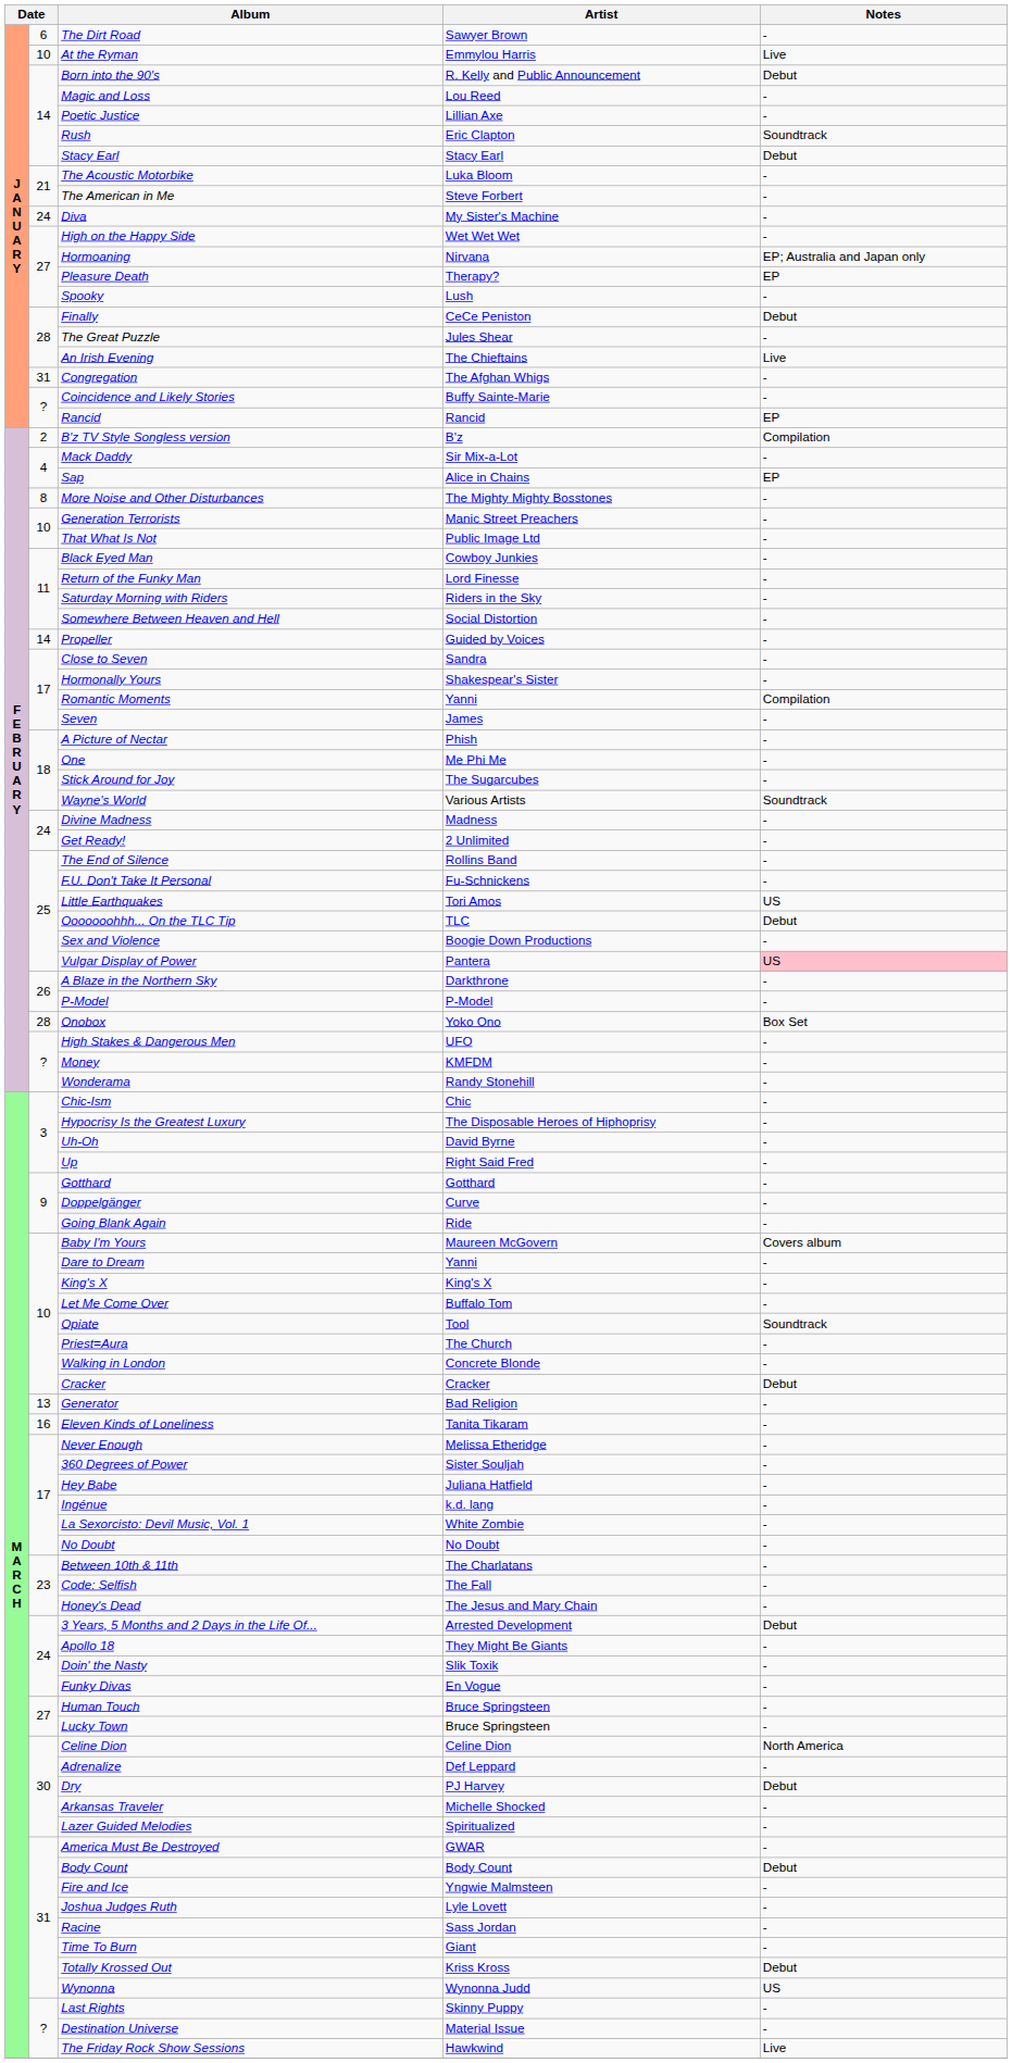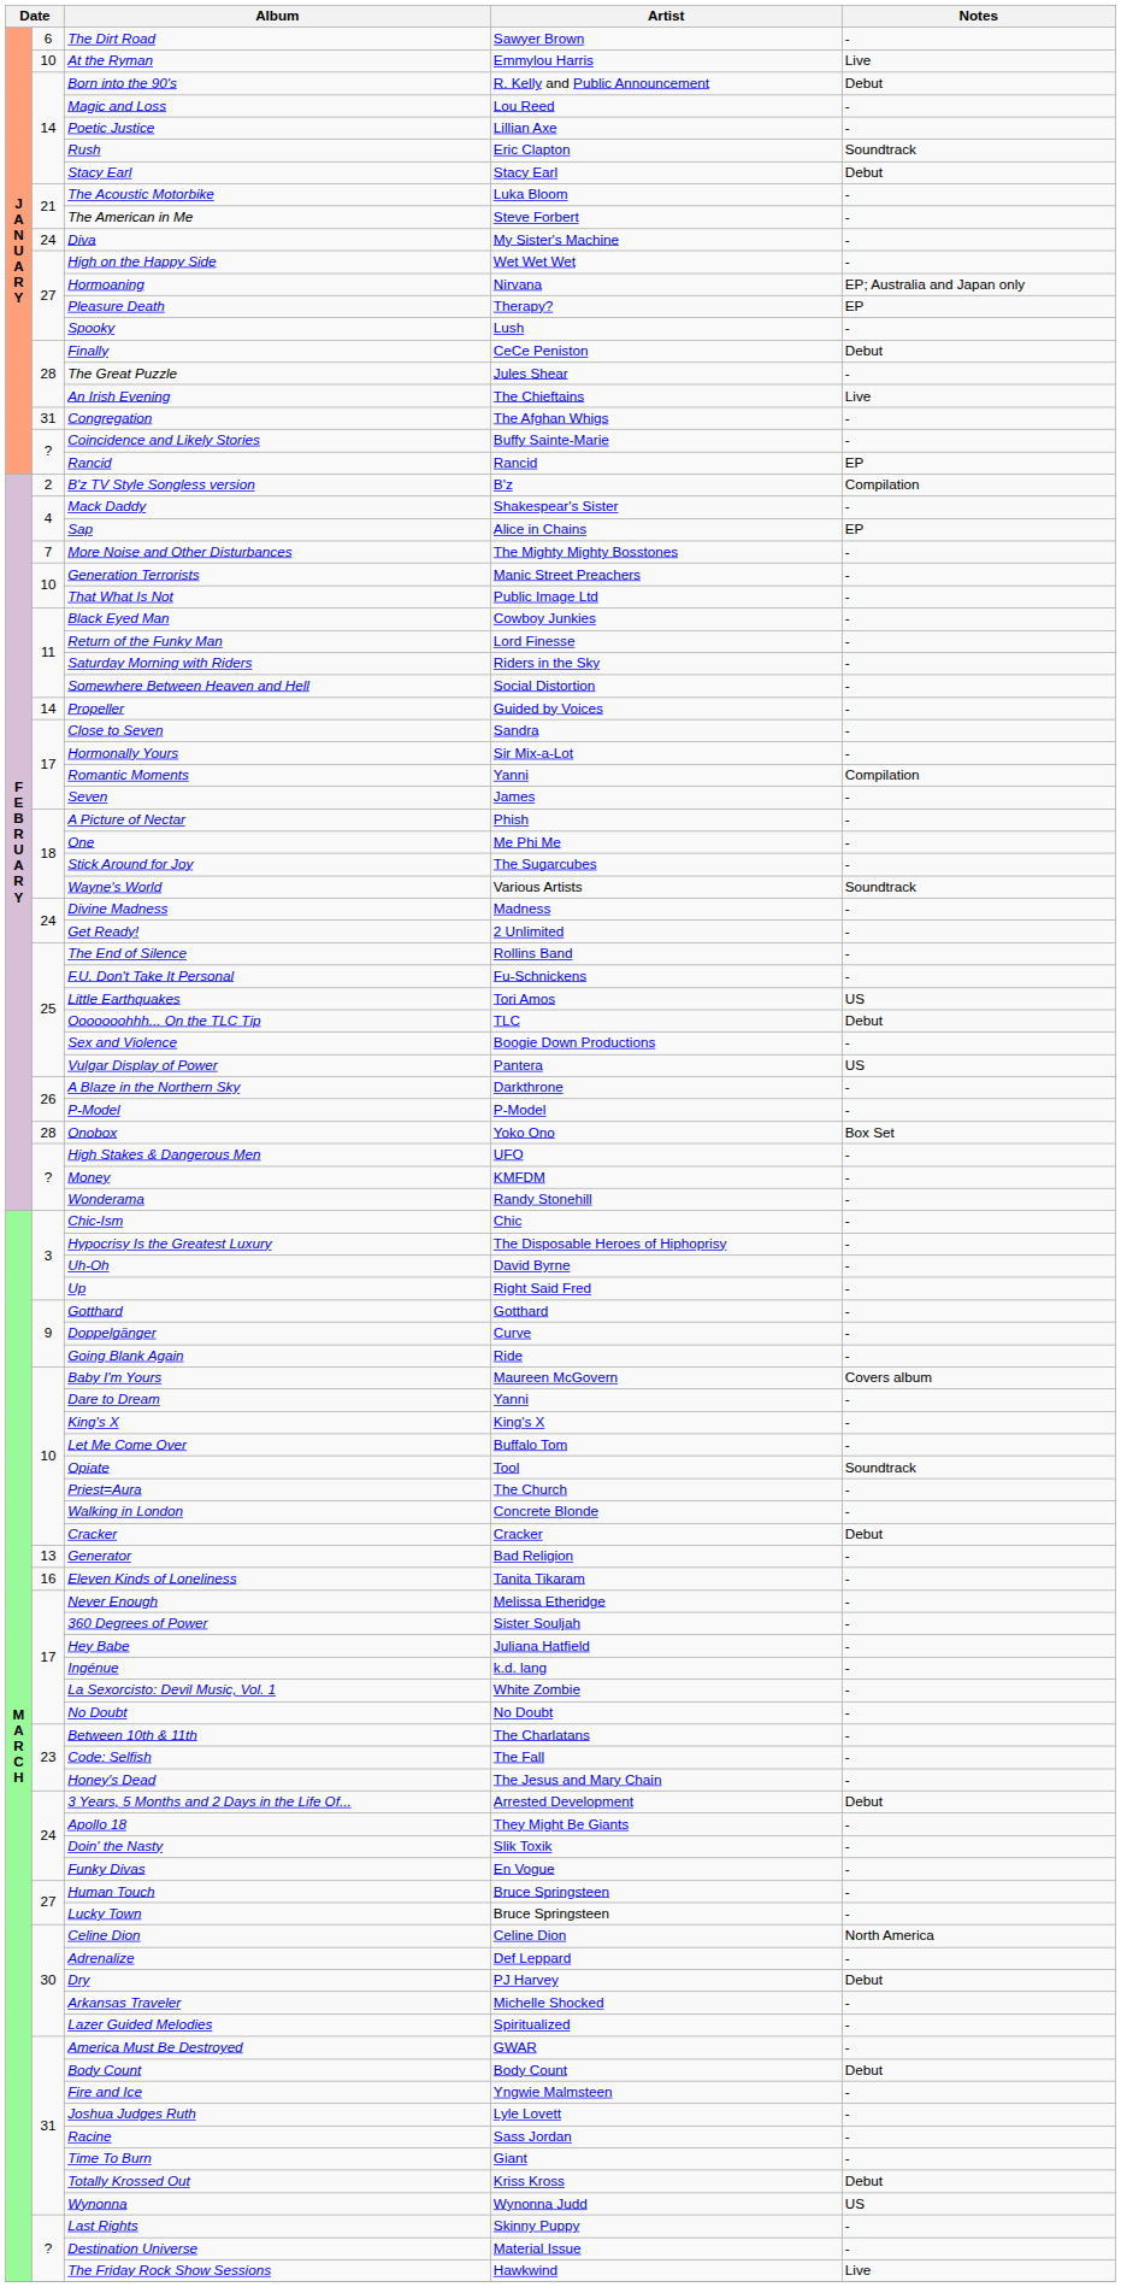 <table class="wikitable" width="100%">
 <tr>
 <th colspan="2">Date</th>
 <th>Album</th>
 <th>Artist</th>
 <th>Notes</th>
 </tr>
 <tr>
 <td rowspan="20" valign="center" align="center" style="background:#FFA07A; textcolor:#000;"><strong>J<br>A<br>N<br>U<br>A<br>R<br>Y</strong></td>
 <td align="center">6</td>
 <td><em><a href='#'>The Dirt Road</a></em></td>
 <td><a href='#'>Sawyer Brown</a></td>
 <td>-</td>
 </tr>
 <tr>
 <td align="center">10</td>
 <td><em><a href='#'>At the Ryman</a></em></td>
 <td><a href='#'>Emmylou Harris</a></td>
 <td>Live</td>
 </tr>
 <tr>
 <td rowspan="5" align="center">14</td>
 <td><em><a href='#'>Born into the 90's</a></em></td>
 <td><a href='#'>R. Kelly</a> and <a href='#'>Public Announcement</a></td>
 <td>Debut</td>
 </tr>
 <tr>
 <td><em><a href='#'>Magic and Loss</a></em></td>
 <td><a href='#'>Lou Reed</a></td>
 <td>-</td>
 </tr>
 <tr>
 <td><em><a href='#'>Poetic Justice</a></em></td>
 <td><a href='#'>Lillian Axe</a></td>
 <td>-</td>
 </tr>
 <tr>
 <td><em><a href='#'>Rush</a></em></td>
 <td><a href='#'>Eric Clapton</a></td>
 <td>Soundtrack</td>
 </tr>
 <tr>
 <td><em><a href='#'>Stacy Earl</a></em></td>
 <td><a href='#'>Stacy Earl</a></td>
 <td>Debut</td>
 </tr>
 <tr>
 <td rowspan="2" align="center">21</td>
 <td><em><a href='#'>The Acoustic Motorbike</a></em></td>
 <td><a href='#'>Luka Bloom</a></td>
 <td>-</td>
 </tr>
 <tr>
 <td><em>The American in Me</em></td>
 <td><a href='#'>Steve Forbert</a></td>
 <td>-</td>
 </tr>
 <tr>
 <td align="center">24</td>
 <td><em><a href='#'>Diva</a></em></td>
 <td><a href='#'>My Sister's Machine</a></td>
 <td>-</td>
 </tr>
 <tr>
 <td rowspan="4" align="center">27</td>
 <td><em><a href='#'>High on the Happy Side</a></em></td>
 <td><a href='#'>Wet Wet Wet</a></td>
 <td>-</td>
 </tr>
 <tr>
 <td><em><a href='#'>Hormoaning</a></em></td>
 <td><a href='#'>Nirvana</a></td>
 <td>EP; Australia and Japan only</td>
 </tr>
 <tr>
 <td><em><a href='#'>Pleasure Death</a></em></td>
 <td><a href='#'>Therapy?</a></td>
 <td>EP</td>
 </tr>
 <tr>
 <td><em><a href='#'>Spooky</a></em></td>
 <td><a href='#'>Lush</a></td>
 <td>-</td>
 </tr>
 <tr>
 <td rowspan="3" align="center">28</td>
 <td><em><a href='#'>Finally</a></em></td>
 <td><a href='#'>CeCe Peniston</a></td>
 <td>Debut</td>
 </tr>
 <tr>
 <td><em>The Great Puzzle</em></td>
 <td><a href='#'>Jules Shear</a></td>
 <td>-</td>
 </tr>
 <tr>
 <td><em><a href='#'>An Irish Evening</a></em></td>
 <td><a href='#'>The Chieftains</a></td>
 <td>Live</td>
 </tr>
 <tr>
 <td align="center">31</td>
 <td><em><a href='#'>Congregation</a></em></td>
 <td><a href='#'>The Afghan Whigs</a></td>
 <td>-</td>
 </tr>
 <tr>
 <td rowspan="2" align="center">?</td>
 <td><em><a href='#'>Coincidence and Likely Stories</a></em></td>
 <td><a href='#'>Buffy Sainte-Marie</a></td>
 <td>-</td>
 </tr>
 <tr>
 <td><em><a href='#'>Rancid</a></em></td>
 <td><a href='#'>Rancid</a></td>
 <td>EP</td>
 </tr>
 <tr>
 <td rowspan="33" valign="center" align="center" style="background:#D8BFD8; textcolor:#000;"><strong>F<br>E<br>B<br>R<br>U<br>A<br>R<br>Y</strong></td>
 <td style="text-align:center;">2</td>
 <td><em><a href='#'>B'z TV Style Songless version</a></em></td>
 <td><a href='#'>B'z</a></td>
 <td>Compilation</td>
 </tr>
 <tr>
 <td rowspan="2" align="center">4</td>
 <td><em><a href='#'>Mack Daddy</a></em></td>
-<td><a href='#'>Sir Mix-a-Lot</a></td>
+<td><a href='#'>Shakespear's Sister</a></td>
 <td>-</td>
 </tr>
 <tr>
 <td><em><a href='#'>Sap</a></em></td>
 <td><a href='#'>Alice in Chains</a></td>
 <td>EP</td>
 </tr>
 <tr>
-<td align="center">8</td>
+<td align="center">7</td>
 <td><em><a href='#'>More Noise and Other Disturbances</a></em></td>
 <td><a href='#'>The Mighty Mighty Bosstones</a></td>
 <td>-</td>
 </tr>
 <tr>
 <td rowspan="2" align="center">10</td>
 <td><em><a href='#'>Generation Terrorists</a></em></td>
 <td><a href='#'>Manic Street Preachers</a></td>
 <td>-</td>
 </tr>
 <tr>
 <td><em><a href='#'>That What Is Not</a></em></td>
 <td><a href='#'>Public Image Ltd</a></td>
 <td>-</td>
 </tr>
 <tr>
 <td rowspan="4" align="center">11</td>
 <td><em><a href='#'>Black Eyed Man</a></em></td>
 <td><a href='#'>Cowboy Junkies</a></td>
 <td>-</td>
 </tr>
 <tr>
 <td><em><a href='#'>Return of the Funky Man</a></em></td>
 <td><a href='#'>Lord Finesse</a></td>
 <td>-</td>
 </tr>
 <tr>
 <td><em><a href='#'>Saturday Morning with Riders</a></em></td>
 <td><a href='#'>Riders in the Sky</a></td>
 <td>-</td>
 </tr>
 <tr>
 <td><em><a href='#'>Somewhere Between Heaven and Hell</a></em></td>
 <td><a href='#'>Social Distortion</a></td>
 <td>-</td>
 </tr>
 <tr>
 <td align="center">14</td>
 <td><em><a href='#'>Propeller</a></em></td>
 <td><a href='#'>Guided by Voices</a></td>
 <td>-</td>
 </tr>
 <tr>
 <td rowspan="4" align="center">17</td>
 <td><em><a href='#'>Close to Seven</a></em></td>
 <td><a href='#'>Sandra</a></td>
 <td>-</td>
 </tr>
 <tr>
 <td><em><a href='#'>Hormonally Yours</a></em></td>
-<td><a href='#'>Shakespear's Sister</a></td>
+<td><a href='#'>Sir Mix-a-Lot</a></td>
 <td>-</td>
 </tr>
 <tr>
 <td><em><a href='#'>Romantic Moments</a></em></td>
 <td><a href='#'>Yanni</a></td>
 <td>Compilation</td>
 </tr>
 <tr>
 <td><em><a href='#'>Seven</a></em></td>
 <td><a href='#'>James</a></td>
 <td>-</td>
 </tr>
 <tr>
 <td rowspan="4" align="center">18</td>
 <td><em><a href='#'>A Picture of Nectar</a></em></td>
 <td><a href='#'>Phish</a></td>
 <td>-</td>
 </tr>
 <tr>
 <td><em><a href='#'>One</a></em></td>
 <td><a href='#'>Me Phi Me</a></td>
 <td>-</td>
 </tr>
 <tr>
 <td><em><a href='#'>Stick Around for Joy</a></em></td>
 <td><a href='#'>The Sugarcubes</a></td>
 <td>-</td>
 </tr>
 <tr>
 <td><em><a href='#'>Wayne's World</a></em></td>
 <td>Various Artists</td>
 <td>Soundtrack</td>
 </tr>
 <tr>
 <td rowspan="2" align="center">24</td>
 <td><em><a href='#'>Divine Madness</a></em></td>
 <td><a href='#'>Madness</a></td>
 <td>-</td>
 </tr>
 <tr>
 <td><em><a href='#'>Get Ready!</a></em></td>
 <td><a href='#'>2 Unlimited</a></td>
 <td>-</td>
 </tr>
 <tr>
 <td rowspan="6" align="center">25</td>
 <td><em><a href='#'>The End of Silence</a></em></td>
 <td><a href='#'>Rollins Band</a></td>
 <td>-</td>
 </tr>
 <tr>
 <td><em><a href='#'>F.U. Don't Take It Personal</a></em></td>
 <td><a href='#'>Fu-Schnickens</a></td>
 <td>-</td>
 </tr>
 <tr>
 <td><em><a href='#'>Little Earthquakes</a></em></td>
 <td><a href='#'>Tori Amos</a></td>
 <td>US</td>
 </tr>
 <tr>
 <td><em><a href='#'>Ooooooohhh... On the TLC Tip</a></em></td>
 <td><a href='#'>TLC</a></td>
 <td>Debut</td>
 </tr>
 <tr>
 <td><em><a href='#'>Sex and Violence</a></em></td>
 <td><a href='#'>Boogie Down Productions</a></td>
 <td>-</td>
 </tr>
 <tr>
 <td><em><a href='#'>Vulgar Display of Power</a></em></td>
 <td><a href='#'>Pantera</a></td>
-<td style="background: pink;">US</td>
+<td>US</td>
 </tr>
 <tr>
 <td rowspan="2" align="center">26</td>
 <td><em><a href='#'>A Blaze in the Northern Sky</a></em></td>
 <td><a href='#'>Darkthrone</a></td>
 <td>-</td>
 </tr>
 <tr>
 <td><em><a href='#'>P-Model</a></em></td>
 <td><a href='#'>P-Model</a></td>
 <td>-</td>
 </tr>
 <tr>
 <td align="center">28</td>
 <td><em><a href='#'>Onobox</a></em></td>
 <td><a href='#'>Yoko Ono</a></td>
 <td>Box Set</td>
 </tr>
 <tr>
 <td rowspan="3" align="center">?</td>
 <td><em><a href='#'>High Stakes & Dangerous Men</a></em></td>
 <td><a href='#'>UFO</a></td>
 <td>-</td>
 </tr>
 <tr>
 <td><em><a href='#'>Money</a></em></td>
 <td><a href='#'>KMFDM</a></td>
 <td>-</td>
 </tr>
 <tr>
 <td><em><a href='#'>Wonderama</a></em></td>
 <td><a href='#'>Randy Stonehill</a></td>
 <td>-</td>
 </tr>
 <tr>
 <td rowspan="48" valign="center" align="center" style="background:#98FB98; textcolor:#000;"><strong>M<br>A<br>R<br>C<br>H</strong></td>
 <td rowspan="4" align="center">3</td>
 <td><em><a href='#'>Chic-Ism</a></em></td>
 <td><a href='#'>Chic</a></td>
 <td>-</td>
 </tr>
 <tr>
 <td><em><a href='#'>Hypocrisy Is the Greatest Luxury</a></em></td>
 <td><a href='#'>The Disposable Heroes of Hiphoprisy</a></td>
 <td>-</td>
 </tr>
 <tr>
 <td><em><a href='#'>Uh-Oh</a></em></td>
 <td><a href='#'>David Byrne</a></td>
 <td>-</td>
 </tr>
 <tr>
 <td><em><a href='#'>Up</a></em></td>
 <td><a href='#'>Right Said Fred</a></td>
 <td>-</td>
 </tr>
 <tr>
 <td rowspan="3" align="center">9</td>
 <td><em><a href='#'>Gotthard</a></em></td>
 <td><a href='#'>Gotthard</a></td>
 <td>-</td>
 </tr>
 <tr>
 <td><em><a href='#'>Doppelgänger</a></em></td>
 <td><a href='#'>Curve</a></td>
 <td>-</td>
 </tr>
 <tr>
 <td><em><a href='#'>Going Blank Again</a></em></td>
 <td><a href='#'>Ride</a></td>
 <td>-</td>
 </tr>
 <tr>
 <td rowspan="8" align="center">10</td>
 <td><em><a href='#'>Baby I'm Yours</a></em></td>
 <td><a href='#'>Maureen McGovern</a></td>
 <td>Covers album</td>
 </tr>
 <tr>
 <td><em><a href='#'>Dare to Dream</a></em></td>
 <td><a href='#'>Yanni</a></td>
 <td>-</td>
 </tr>
 <tr>
 <td><em><a href='#'>King's X</a></em></td>
 <td><a href='#'>King's X</a></td>
 <td>-</td>
 </tr>
 <tr>
 <td><em><a href='#'>Let Me Come Over</a></em></td>
 <td><a href='#'>Buffalo Tom</a></td>
 <td>-</td>
 </tr>
 <tr>
 <td><em><a href='#'>Opiate</a></em></td>
 <td><a href='#'>Tool</a></td>
 <td>Soundtrack</td>
 </tr>
 <tr>
 <td><em><a href='#'>Priest=Aura</a></em></td>
 <td><a href='#'>The Church</a></td>
 <td>-</td>
 </tr>
 <tr>
 <td><em><a href='#'>Walking in London</a></em></td>
 <td><a href='#'>Concrete Blonde</a></td>
 <td>-</td>
 </tr>
 <tr>
 <td><em><a href='#'>Cracker</a></em></td>
 <td><a href='#'>Cracker</a></td>
 <td>Debut</td>
 </tr>
 <tr>
 <td rowspan="1" align="center">13</td>
 <td><em><a href='#'>Generator</a></em></td>
 <td><a href='#'>Bad Religion</a></td>
 <td>-</td>
 </tr>
 <tr>
 <td rowspan="1" align="center">16</td>
 <td><em><a href='#'>Eleven Kinds of Loneliness</a></em></td>
 <td><a href='#'>Tanita Tikaram</a></td>
 <td>-</td>
 </tr>
 <tr>
 <td rowspan="6" align="center">17</td>
 <td><em><a href='#'>Never Enough</a></em></td>
 <td><a href='#'>Melissa Etheridge</a></td>
 <td>-</td>
 </tr>
 <tr>
 <td><em><a href='#'>360 Degrees of Power</a></em></td>
 <td><a href='#'>Sister Souljah</a></td>
 <td>-</td>
 </tr>
 <tr>
 <td><em><a href='#'>Hey Babe</a></em></td>
 <td><a href='#'>Juliana Hatfield</a></td>
 <td>-</td>
 </tr>
 <tr>
 <td><em><a href='#'>Ingénue</a></em></td>
 <td><a href='#'>k.d. lang</a></td>
 <td>-</td>
 </tr>
 <tr>
 <td><em><a href='#'>La Sexorcisto: Devil Music, Vol. 1</a></em></td>
 <td><a href='#'>White Zombie</a></td>
 <td>-</td>
 </tr>
 <tr>
 <td><em><a href='#'>No Doubt</a></em></td>
 <td><a href='#'>No Doubt</a></td>
 <td>-</td>
 </tr>
 <tr>
 <td rowspan="3" align="center">23</td>
 <td><em><a href='#'>Between 10th & 11th</a></em></td>
 <td><a href='#'>The Charlatans</a></td>
 <td>-</td>
 </tr>
 <tr>
 <td><em><a href='#'>Code: Selfish</a></em></td>
 <td><a href='#'>The Fall</a></td>
 <td>-</td>
 </tr>
 <tr>
 <td><em><a href='#'>Honey's Dead</a></em></td>
 <td><a href='#'>The Jesus and Mary Chain</a></td>
 <td>-</td>
 </tr>
 <tr>
 <td rowspan="4" align="center">24</td>
 <td><em><a href='#'>3 Years, 5 Months and 2 Days in the Life Of...</a></em></td>
 <td><a href='#'>Arrested Development</a></td>
 <td>Debut</td>
 </tr>
 <tr>
 <td><em><a href='#'>Apollo 18</a></em></td>
 <td><a href='#'>They Might Be Giants</a></td>
 <td>-</td>
 </tr>
 <tr>
 <td><em><a href='#'>Doin' the Nasty</a></em></td>
 <td><a href='#'>Slik Toxik</a></td>
 <td>-</td>
 </tr>
 <tr>
 <td><em><a href='#'>Funky Divas</a></em></td>
 <td><a href='#'>En Vogue</a></td>
 <td>-</td>
 </tr>
 <tr>
 <td rowspan="2" align="center">27</td>
 <td><em><a href='#'>Human Touch</a></em></td>
 <td><a href='#'>Bruce Springsteen</a></td>
 <td>-</td>
 </tr>
 <tr>
 <td><em><a href='#'>Lucky Town</a></em></td>
 <td>Bruce Springsteen</td>
 <td>-</td>
 </tr>
 <tr>
 <td rowspan="5" align="center">30</td>
 <td><em><a href='#'>Celine Dion</a></em></td>
 <td><a href='#'>Celine Dion</a></td>
 <td>North America</td>
 </tr>
 <tr>
 <td><em><a href='#'>Adrenalize</a></em></td>
 <td><a href='#'>Def Leppard</a></td>
 <td>-</td>
 </tr>
 <tr>
 <td><em><a href='#'>Dry</a></em></td>
 <td><a href='#'>PJ Harvey</a></td>
 <td>Debut</td>
 </tr>
 <tr>
 <td><em><a href='#'>Arkansas Traveler</a></em></td>
 <td><a href='#'>Michelle Shocked</a></td>
 <td>-</td>
 </tr>
 <tr>
 <td><em><a href='#'>Lazer Guided Melodies</a></em></td>
 <td><a href='#'>Spiritualized</a></td>
 <td>-</td>
 </tr>
 <tr>
 <td rowspan="8" align="center">31</td>
 <td><em><a href='#'>America Must Be Destroyed</a></em></td>
 <td><a href='#'>GWAR</a></td>
 <td>-</td>
 </tr>
 <tr>
 <td><em><a href='#'>Body Count</a></em></td>
 <td><a href='#'>Body Count</a></td>
 <td>Debut</td>
 </tr>
 <tr>
 <td><em><a href='#'>Fire and Ice</a></em></td>
 <td><a href='#'>Yngwie Malmsteen</a></td>
 <td>-</td>
 </tr>
 <tr>
 <td><em><a href='#'>Joshua Judges Ruth</a></em></td>
 <td><a href='#'>Lyle Lovett</a></td>
 <td>-</td>
 </tr>
 <tr>
 <td><em><a href='#'>Racine</a></em></td>
 <td><a href='#'>Sass Jordan</a></td>
 <td>-</td>
 </tr>
 <tr>
 <td><em><a href='#'>Time To Burn</a></em></td>
 <td><a href='#'>Giant</a></td>
 <td>-</td>
 </tr>
 <tr>
 <td><em><a href='#'>Totally Krossed Out</a></em></td>
 <td><a href='#'>Kriss Kross</a></td>
 <td>Debut</td>
 </tr>
 <tr>
 <td><em><a href='#'>Wynonna</a></em></td>
 <td><a href='#'>Wynonna Judd</a></td>
 <td>US</td>
 </tr>
 <tr>
 <td rowspan="3" align="center">?</td>
 <td><em><a href='#'>Last Rights</a></em></td>
 <td><a href='#'>Skinny Puppy</a></td>
 <td>-</td>
 </tr>
 <tr>
 <td><em><a href='#'>Destination Universe</a></em></td>
 <td><a href='#'>Material Issue</a></td>
 <td>-</td>
 </tr>
 <tr>
 <td><em><a href='#'>The Friday Rock Show Sessions</a></em></td>
 <td><a href='#'>Hawkwind</a></td>
 <td>Live</td>
 </tr>
 <tr>
 </tr>
 </table>
